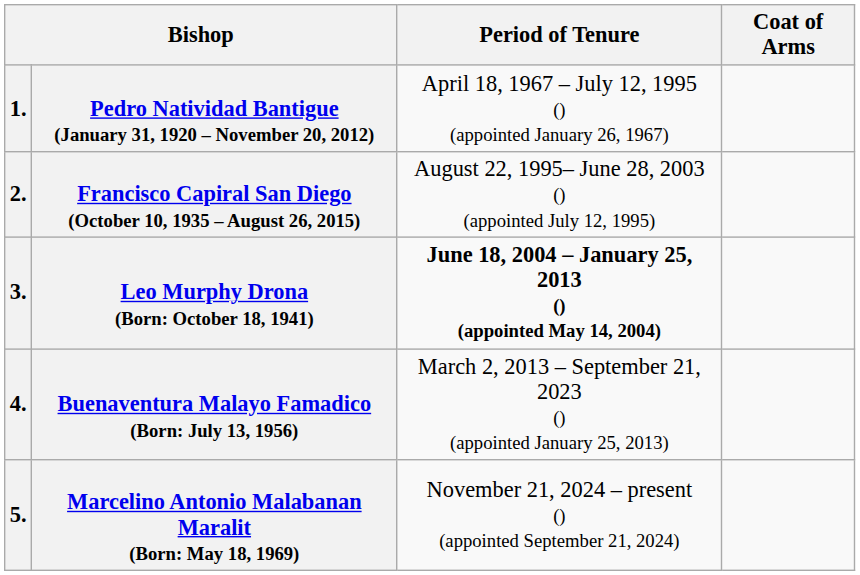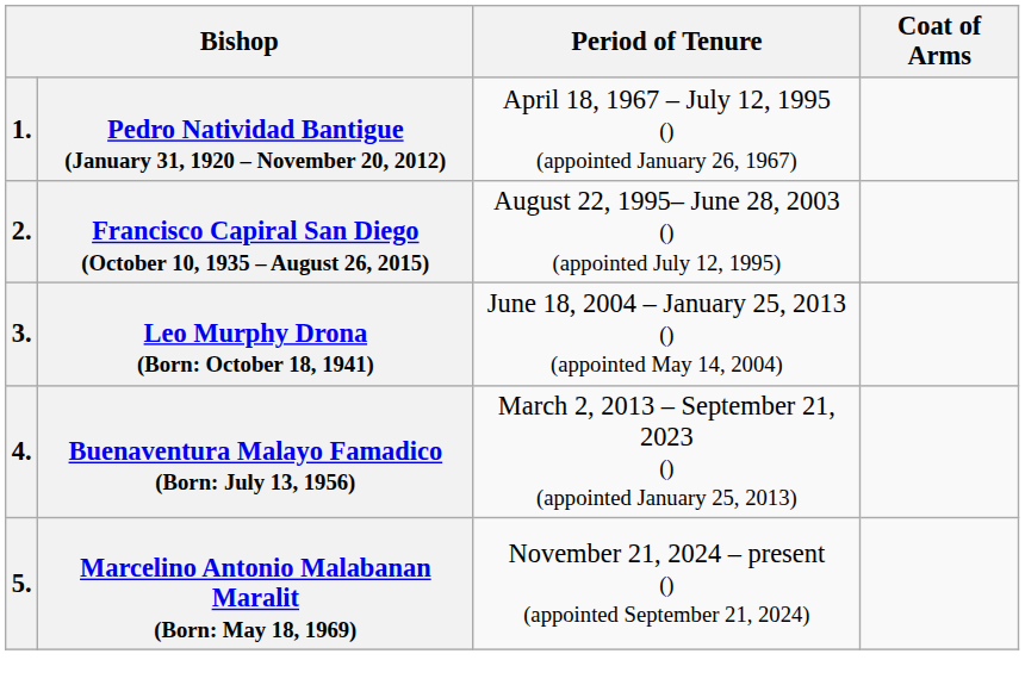 <table class="wikitable" style="text-align:center;">
 <tr>
 <th colspan=2>Bishop</th>
 <th>Period of Tenure</th>
 <th>Coat of Arms</th>
 </tr>
 <tr>
 <th>1.</th>
 <th><br> <a href='#'>Pedro Natividad Bantigue</a> <br> <small>(January 31, 1920 – November 20, 2012)</small></th>
 <td>April 18, 1967 – July 12, 1995<br> <small>()</small><br> <small>(appointed January 26, 1967) </small></td>
 <td></td>
 </tr>
 <tr>
 <th>2.</th>
 <th><br><a href='#'>Francisco Capiral San Diego</a> <br> <small>(October 10, 1935 – August 26, 2015)</small></th>
 <td>August 22, 1995– June 28, 2003<br> <small>()</small><br> <small>(appointed July 12, 1995)</small></td>
 <td></td>
 </tr>
 <tr>
 <th>3.</th>
 <th><br><a href='#'>Leo Murphy Drona</a><br> <small>(Born: October 18, 1941)</small></th>
-<td><strong>June 18, 2004 – January 25, 2013<br> <small>()</small><br> <small>(appointed May 14, 2004)</small></strong></td>
+<td>June 18, 2004 – January 25, 2013<br> <small>()</small><br> <small>(appointed May 14, 2004)</small></td>
 <td></td>
 </tr>
 <tr>
 <th>4.</th>
 <th><br><a href='#'>Buenaventura Malayo Famadico</a> <br> <small>(Born: July 13, 1956)</small></th>
 <td>March 2, 2013 – September 21, 2023<br> <small>()</small><br> <small>(appointed January 25, 2013)</small></td>
 <td></td>
 </tr>
 <tr>
 <th>5.</th>
 <th><br><a href='#'>Marcelino Antonio Malabanan Maralit</a><br> <small>(Born: May 18, 1969)</small></th>
 <td>November 21, 2024 – present<br> <small>()</small><br> <small>(appointed September 21, 2024)</small></td>
 <td></td>
 </tr>
 </table>
